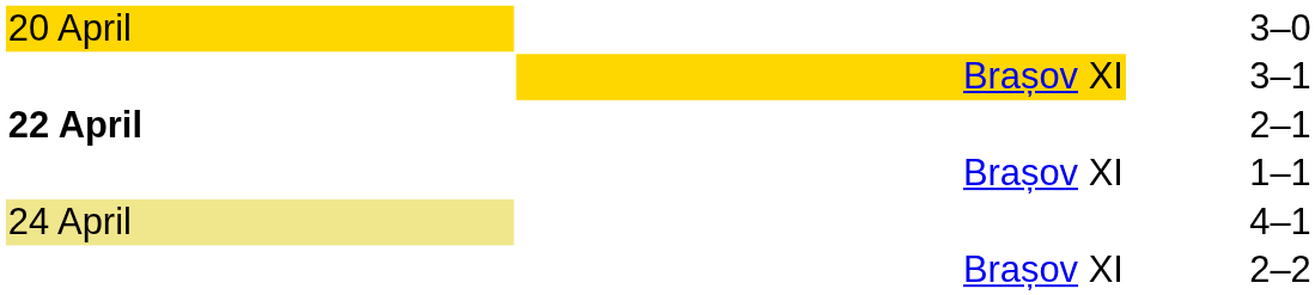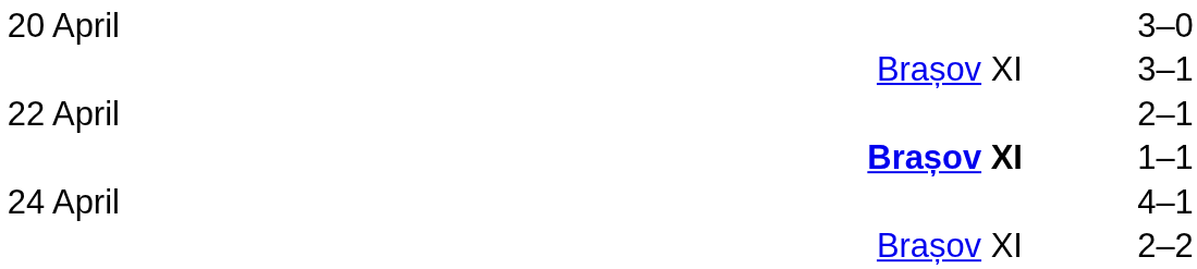 <table cellspacing=1 width=70%>
 <tr>
 <th width=25%></th>
 <th width=30%></th>
 <th width=15%></th>
 <th width=30%></th>
 </tr>
 <tr>
-<td style="background: gold;">20 April</td>
+<td>20 April</td>
 <td align=right></td>
 <td align=center>3–0</td>
 <td></td>
 </tr>
 <tr>
 <td></td>
-<td align=right style="background: gold;"><a href='#'>Brașov</a> XI </td>
+<td align=right><a href='#'>Brașov</a> XI </td>
 <td align=center>3–1</td>
 <td></td>
 </tr>
 <tr>
-<td><strong>22 April</strong></td>
+<td>22 April</td>
 <td align=right></td>
 <td align=center>2–1</td>
 <td></td>
 </tr>
 <tr>
 <td></td>
-<td align=right><a href='#'>Brașov</a> XI </td>
+<td align=right><strong><a href='#'>Brașov</a> XI </strong></td>
 <td align=center>1–1</td>
 <td></td>
 </tr>
 <tr>
-<td style="background: khaki;">24 April</td>
+<td>24 April</td>
 <td align=right></td>
 <td align=center>4–1</td>
 <td></td>
 </tr>
 <tr>
 <td></td>
 <td align=right><a href='#'>Brașov</a> XI </td>
 <td align=center>2–2</td>
 <td></td>
 </tr>
 </table>
